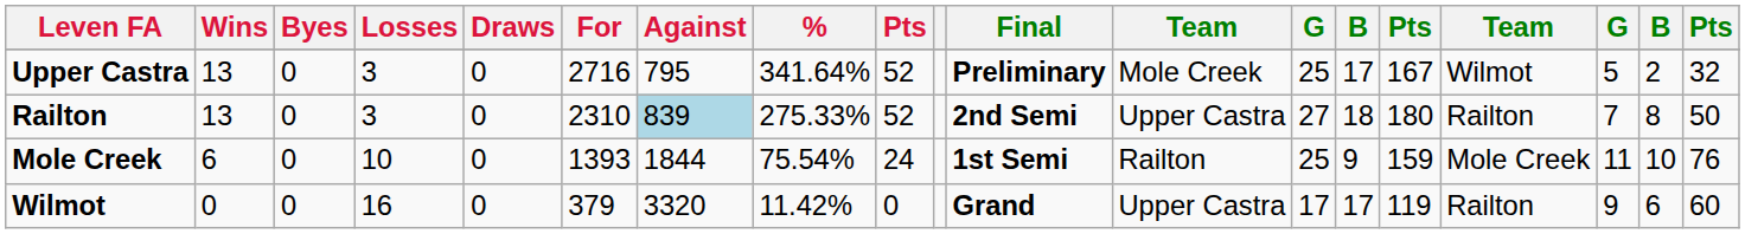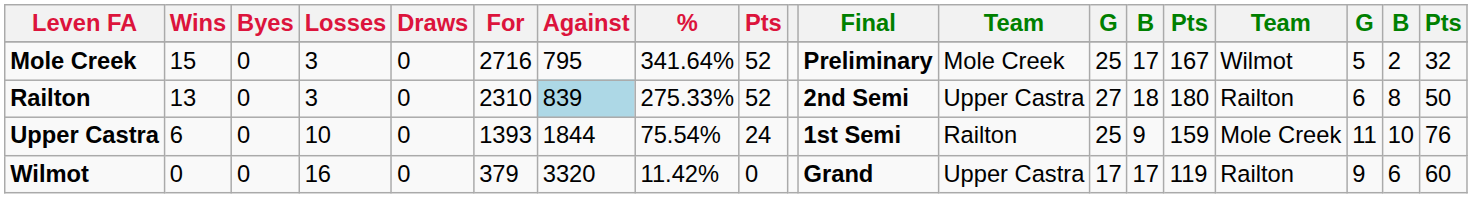 <table class="wikitable">
 <tr>
 <th style="color:crimson">Leven FA</th>
 <th style="color:crimson">Wins</th>
 <th style="color:crimson">Byes</th>
 <th style="color:crimson">Losses</th>
 <th style="color:crimson">Draws</th>
 <th style="color:crimson">For</th>
 <th style="color:crimson">Against</th>
 <th style="color:crimson">%</th>
 <th style="color:crimson">Pts</th>
 <th></th>
 <th style="color:green">Final</th>
 <th style="color:green">Team</th>
 <th style="color:green">G</th>
 <th style="color:green">B</th>
 <th style="color:green">Pts</th>
 <th style="color:green">Team</th>
 <th style="color:green">G</th>
 <th style="color:green">B</th>
 <th style="color:green">Pts</th>
 </tr>
 <tr>
 </tr>
 <tr>
 </tr>
 <tr>
-<td><strong>	Upper Castra	</strong></td>
-<td>13</td>
+<td><strong>	Mole Creek	</strong></td>
+<td>15</td>
 <td>0</td>
 <td>3</td>
 <td>0</td>
 <td>2716</td>
 <td>795</td>
 <td>341.64%</td>
 <td>52</td>
 <td></td>
 <td><strong>Preliminary</strong></td>
 <td>Mole Creek</td>
 <td>25</td>
 <td>17</td>
 <td>167</td>
 <td>Wilmot</td>
 <td>5</td>
 <td>2</td>
 <td>32</td>
 </tr>
 <tr>
 <td><strong>	Railton	</strong></td>
 <td>13</td>
 <td>0</td>
 <td>3</td>
 <td>0</td>
 <td>2310</td>
 <td style="background: lightblue;">839</td>
 <td>275.33%</td>
 <td>52</td>
 <td></td>
 <td><strong>2nd Semi</strong></td>
 <td>Upper Castra</td>
 <td>27</td>
 <td>18</td>
 <td>180</td>
 <td>Railton</td>
-<td>7</td>
+<td>6</td>
 <td>8</td>
 <td>50</td>
 </tr>
 <tr>
-<td><strong>	Mole Creek	</strong></td>
+<td><strong>	Upper Castra	</strong></td>
 <td>6</td>
 <td>0</td>
 <td>10</td>
 <td>0</td>
 <td>1393</td>
 <td>1844</td>
 <td>75.54%</td>
 <td>24</td>
 <td></td>
 <td><strong>1st Semi</strong></td>
 <td>Railton</td>
 <td>25</td>
 <td>9</td>
 <td>159</td>
 <td>Mole Creek</td>
 <td>11</td>
 <td>10</td>
 <td>76</td>
 </tr>
 <tr>
 <td><strong>	Wilmot	</strong></td>
 <td>0</td>
 <td>0</td>
 <td>16</td>
 <td>0</td>
 <td>379</td>
 <td>3320</td>
 <td>11.42%</td>
 <td>0</td>
 <td></td>
 <td><strong>Grand</strong></td>
 <td>Upper Castra</td>
 <td>17</td>
 <td>17</td>
 <td>119</td>
 <td>Railton</td>
 <td>9</td>
 <td>6</td>
 <td>60</td>
 </tr>
 </table>
